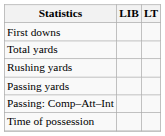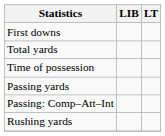 <table class="wikitable" style="float: left;">
 <tr>
 <th>Statistics</th>
 <th>LIB</th>
 <th>LT</th>
 </tr>
 <tr>
 <td>First downs</td>
 <td></td>
 <td></td>
 </tr>
 <tr>
 <td>Total yards</td>
 <td></td>
 <td></td>
 </tr>
 <tr>
-<td>Rushing yards</td>
+<td>Time of possession</td>
 <td></td>
 <td></td>
 </tr>
 <tr>
 <td>Passing yards</td>
 <td></td>
 <td></td>
 </tr>
 <tr>
 <td>Passing: Comp–Att–Int</td>
 <td></td>
 <td></td>
 </tr>
 <tr>
-<td>Time of possession</td>
+<td>Rushing yards</td>
 <td></td>
 <td></td>
 </tr>
 <tr>
 </tr>
 </table>
